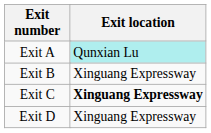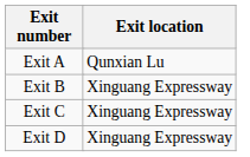 <table class="wikitable">
 <tr>
 <th style="width:70px" colspan="2">Exit number</th>
 <th>Exit location</th>
 </tr>
 <tr>
 <td align="center" colspan="2">Exit A</td>
-<td style="background: paleturquoise;">Qunxian Lu</td>
+<td>Qunxian Lu</td>
 </tr>
 <tr>
 <td align="center" colspan="2">Exit B</td>
 <td>Xinguang Expressway</td>
 </tr>
 <tr>
 <td align="center" colspan="2">Exit C</td>
-<td><strong>Xinguang Expressway</strong></td>
+<td>Xinguang Expressway</td>
 </tr>
 <tr>
 <td align="center" colspan="2">Exit D</td>
 <td>Xinguang Expressway</td>
 </tr>
 </table>
